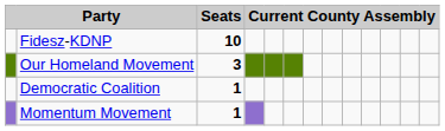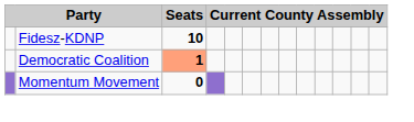 <table class="wikitable">
 <tr>
 <th style="background:#ccc" colspan="2">Party</th>
 <th style="background:#ccc">Seats</th>
 <th style="background:#ccc" colspan="10">Current County Assembly</th>
 </tr>
 <tr>
 <td style="background-color: "> </td>
 <td><a href='#'>Fidesz</a>-<a href='#'>KDNP</a></td>
 <td style="text-align: right"><strong>10</strong></td>
 <td style="background-color: "> </td>
 <td style="background-color: "> </td>
 <td style="background-color: "> </td>
 <td style="background-color: "> </td>
 <td style="background-color: "> </td>
 <td style="background-color: "> </td>
 <td style="background-color: "> </td>
 <td style="background-color: "> </td>
 <td style="background-color: "> </td>
 <td style="background-color: "> </td>
 </tr>
 <tr>
-<td style="background-color: #568203"> </td>
-<td><a href='#'>Our Homeland Movement</a></td>
-<td style="text-align: right"><strong>3</strong></td>
-<td style="background-color: #568203"> </td>
-<td style="background-color: #568203"> </td>
-<td style="background-color: #568203"> </td>
-<td> </td>
-<td> </td>
-<td> </td>
-<td> </td>
-<td> </td>
-<td> </td>
-<td> </td>
-</tr>
-<tr>
 <td style="background-color: "> </td>
 <td><a href='#'>Democratic Coalition</a></td>
-<td style="text-align: right"><strong>1</strong></td>
+<td style="background: lightsalmon; text-align: right"><strong>1</strong></td>
 <td style="background-color: "> </td>
 <td> </td>
 <td> </td>
 <td> </td>
 <td> </td>
 <td> </td>
 <td> </td>
 <td> </td>
 <td> </td>
 <td> </td>
 </tr>
 <tr>
 <td style="background-color: #8E6FCE"> </td>
 <td><a href='#'>Momentum Movement</a></td>
-<td style="text-align: right"><strong>1</strong></td>
+<td style="text-align: right"><strong>0</strong></td>
 <td style="background-color: #8E6FCE"> </td>
 <td> </td>
 <td> </td>
 <td> </td>
 <td> </td>
 <td> </td>
 <td> </td>
 <td> </td>
 <td> </td>
 <td> </td>
 </tr>
 </table>
